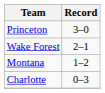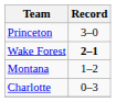 <table class="wikitable" style="text-align:center">
 <tr>
 <th>Team</th>
 <th>Record</th>
 </tr>
 <tr>
 <td align=left><a href='#'>Princeton</a></td>
 <td>3–0</td>
 </tr>
 <tr>
 <td align=left><a href='#'>Wake Forest</a></td>
-<td>2–1</td>
+<td><strong>2–1</strong></td>
 </tr>
 <tr>
 <td align=left><a href='#'>Montana</a></td>
 <td>1–2</td>
 </tr>
 <tr>
 <td align=left><a href='#'>Charlotte</a></td>
 <td>0–3</td>
 </tr>
 <tr>
 </tr>
 </table>
